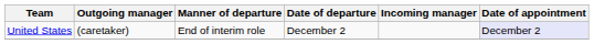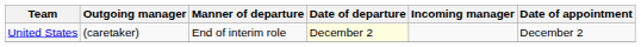 <table class="wikitable sortable">
 <tr>
 <th>Team</th>
 <th>Outgoing manager</th>
 <th>Manner of departure</th>
 <th>Date of departure</th>
 <th>Incoming manager</th>
 <th>Date of appointment</th>
 </tr>
 <tr>
 <td><a href='#'>United States</a></td>
 <td>  (caretaker)</td>
 <td>End of interim role</td>
+<td style="background: lightyellow;">December 2</td>
+<td> </td>
 <td>December 2</td>
-<td> </td>
-<td style="background: lavender;">December 2</td>
 </tr>
 <tr>
 </tr>
 </table>
